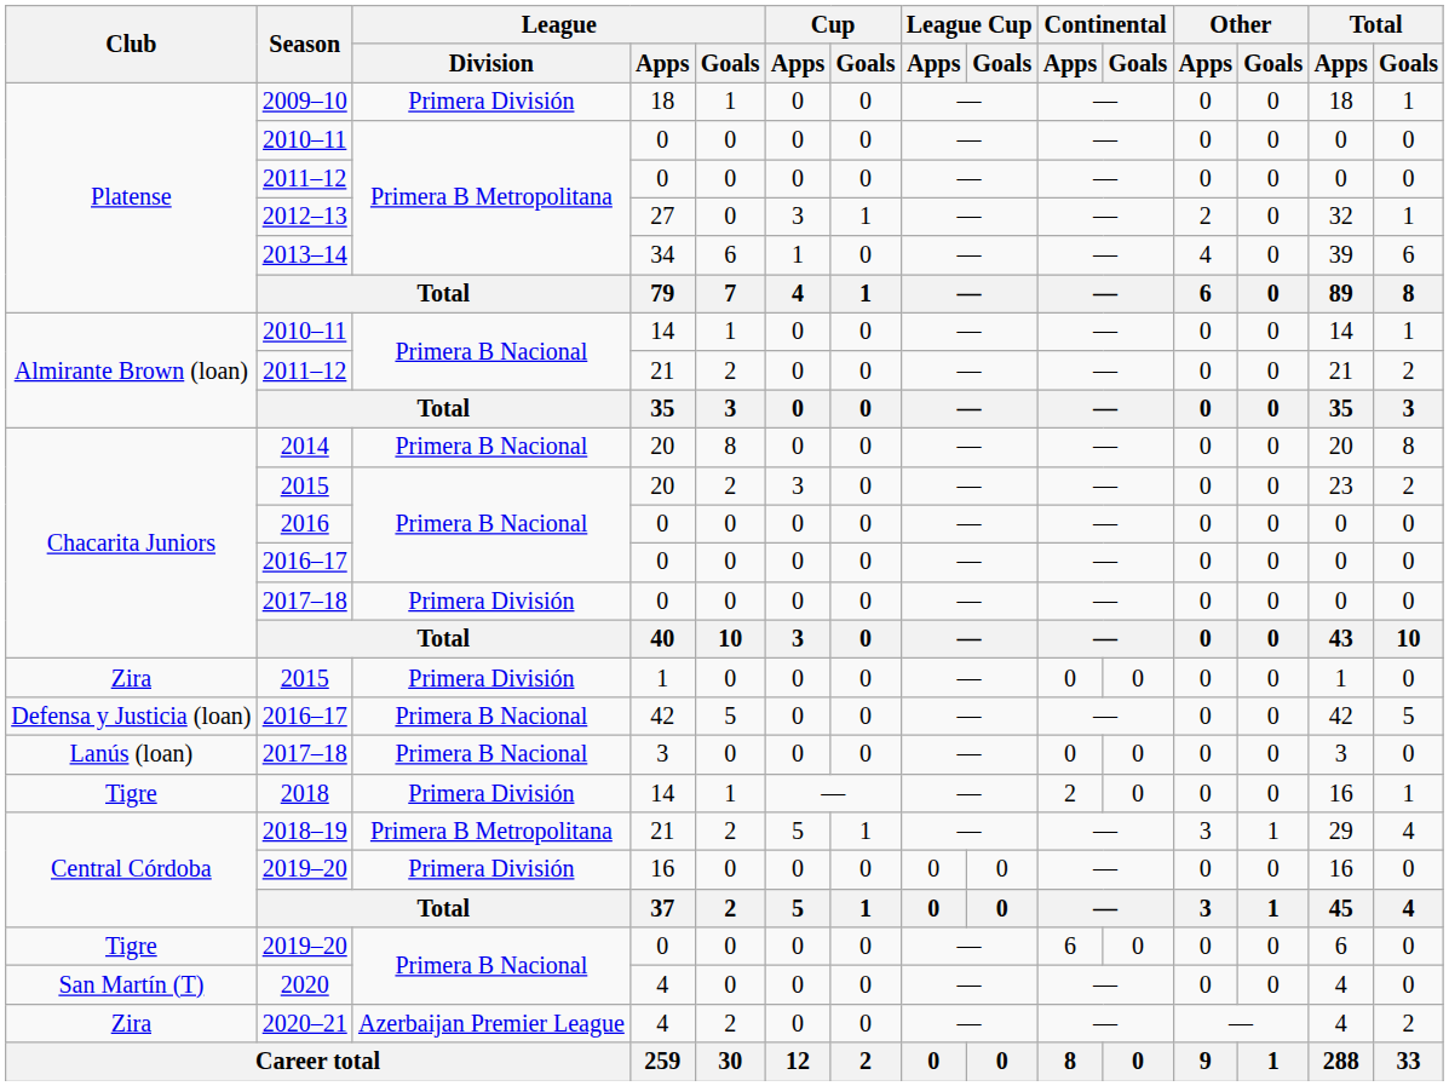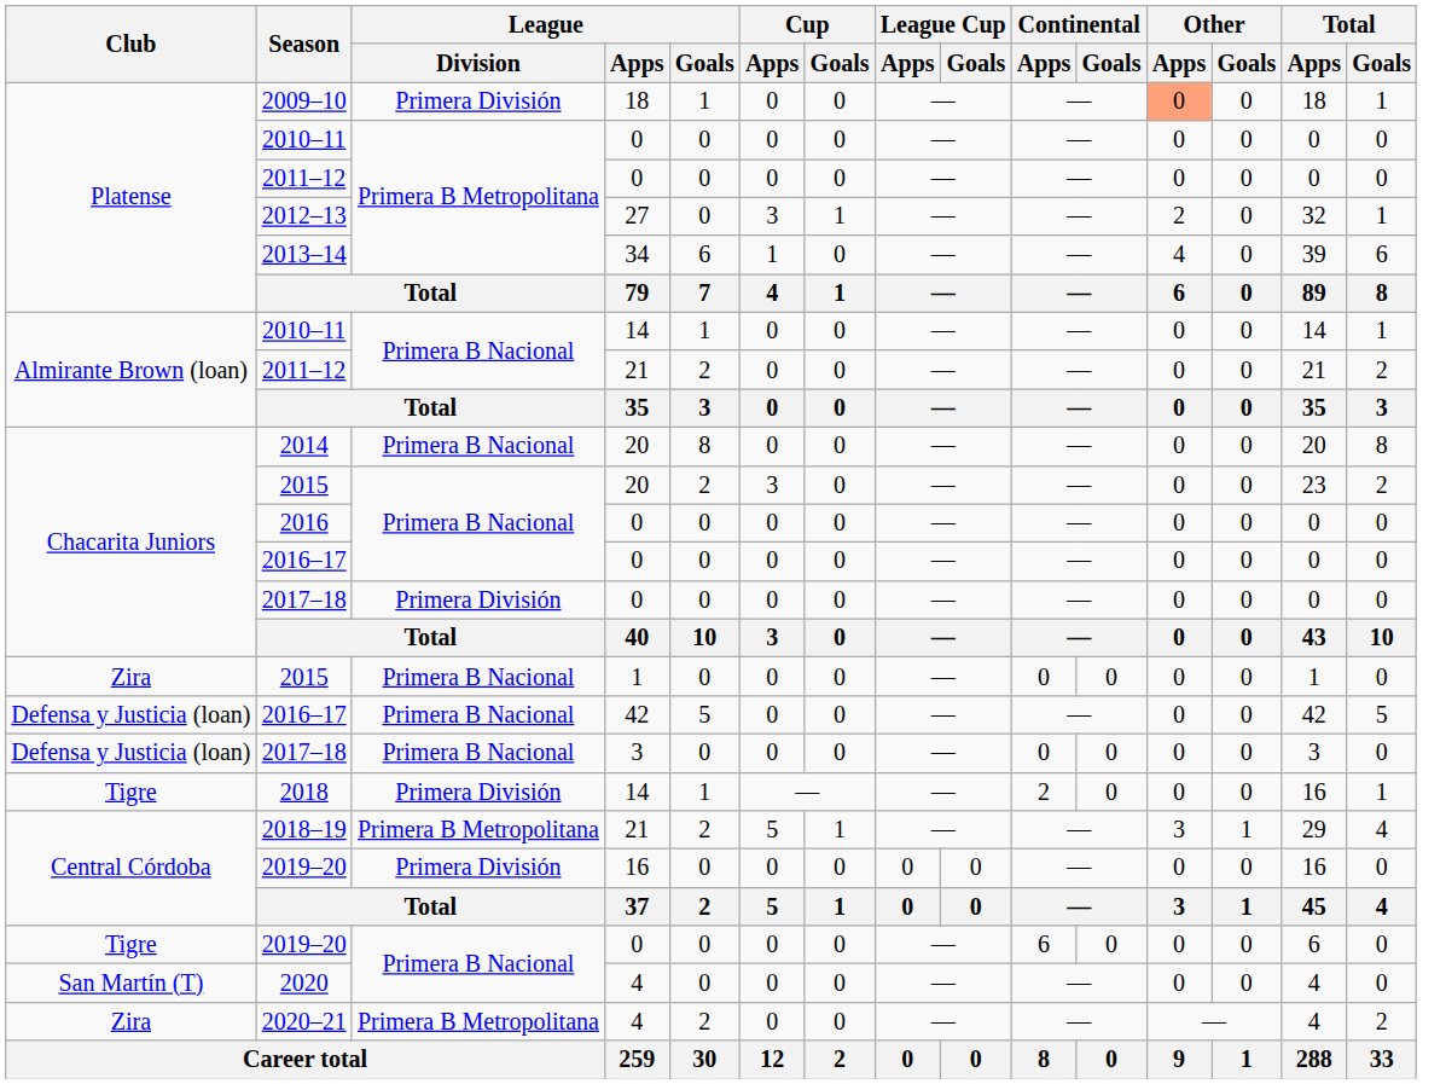 <table class="wikitable" style="text-align:center">
 <tr>
 <th rowspan="2">Club</th>
 <th rowspan="2">Season</th>
 <th colspan="3">League</th>
 <th colspan="2">Cup</th>
 <th colspan="2">League Cup</th>
 <th colspan="2">Continental</th>
 <th colspan="2">Other</th>
 <th colspan="2">Total</th>
 </tr>
 <tr>
 <th>Division</th>
 <th>Apps</th>
 <th>Goals</th>
 <th>Apps</th>
 <th>Goals</th>
 <th>Apps</th>
 <th>Goals</th>
 <th>Apps</th>
 <th>Goals</th>
 <th>Apps</th>
 <th>Goals</th>
 <th>Apps</th>
 <th>Goals</th>
 </tr>
 <tr>
 <td rowspan="6"><a href='#'>Platense</a></td>
 <td><a href='#'>2009–10</a></td>
 <td rowspan="1"><a href='#'>Primera División</a></td>
 <td>18</td>
 <td>1</td>
 <td>0</td>
 <td>0</td>
 <td colspan="2">—</td>
 <td colspan="2">—</td>
-<td>0</td>
+<td style="background: lightsalmon;">0</td>
 <td>0</td>
 <td>18</td>
 <td>1</td>
 </tr>
 <tr>
 <td><a href='#'>2010–11</a></td>
 <td rowspan="4"><a href='#'>Primera B Metropolitana</a></td>
 <td>0</td>
 <td>0</td>
 <td>0</td>
 <td>0</td>
 <td colspan="2">—</td>
 <td colspan="2">—</td>
 <td>0</td>
 <td>0</td>
 <td>0</td>
 <td>0</td>
 </tr>
 <tr>
 <td><a href='#'>2011–12</a></td>
 <td>0</td>
 <td>0</td>
 <td>0</td>
 <td>0</td>
 <td colspan="2">—</td>
 <td colspan="2">—</td>
 <td>0</td>
 <td>0</td>
 <td>0</td>
 <td>0</td>
 </tr>
 <tr>
 <td><a href='#'>2012–13</a></td>
 <td>27</td>
 <td>0</td>
 <td>3</td>
 <td>1</td>
 <td colspan="2">—</td>
 <td colspan="2">—</td>
 <td>2</td>
 <td>0</td>
 <td>32</td>
 <td>1</td>
 </tr>
 <tr>
 <td><a href='#'>2013–14</a></td>
 <td>34</td>
 <td>6</td>
 <td>1</td>
 <td>0</td>
 <td colspan="2">—</td>
 <td colspan="2">—</td>
 <td>4</td>
 <td>0</td>
 <td>39</td>
 <td>6</td>
 </tr>
 <tr>
 <th colspan="2">Total</th>
 <th>79</th>
 <th>7</th>
 <th>4</th>
 <th>1</th>
 <th colspan="2">—</th>
 <th colspan="2">—</th>
 <th>6</th>
 <th>0</th>
 <th>89</th>
 <th>8</th>
 </tr>
 <tr>
 <td rowspan="3"><a href='#'>Almirante Brown</a> (loan)</td>
 <td><a href='#'>2010–11</a></td>
 <td rowspan="2"><a href='#'>Primera B Nacional</a></td>
 <td>14</td>
 <td>1</td>
 <td>0</td>
 <td>0</td>
 <td colspan="2">—</td>
 <td colspan="2">—</td>
 <td>0</td>
 <td>0</td>
 <td>14</td>
 <td>1</td>
 </tr>
 <tr>
 <td><a href='#'>2011–12</a></td>
 <td>21</td>
 <td>2</td>
 <td>0</td>
 <td>0</td>
 <td colspan="2">—</td>
 <td colspan="2">—</td>
 <td>0</td>
 <td>0</td>
 <td>21</td>
 <td>2</td>
 </tr>
 <tr>
 <th colspan="2">Total</th>
 <th>35</th>
 <th>3</th>
 <th>0</th>
 <th>0</th>
 <th colspan="2">—</th>
 <th colspan="2">—</th>
 <th>0</th>
 <th>0</th>
 <th>35</th>
 <th>3</th>
 </tr>
 <tr>
 <td rowspan="6"><a href='#'>Chacarita Juniors</a></td>
 <td><a href='#'>2014</a></td>
 <td rowspan="1"><a href='#'>Primera B Nacional</a></td>
 <td>20</td>
 <td>8</td>
 <td>0</td>
 <td>0</td>
 <td colspan="2">—</td>
 <td colspan="2">—</td>
 <td>0</td>
 <td>0</td>
 <td>20</td>
 <td>8</td>
 </tr>
 <tr>
 <td><a href='#'>2015</a></td>
 <td rowspan="3"><a href='#'>Primera B Nacional</a></td>
 <td>20</td>
 <td>2</td>
 <td>3</td>
 <td>0</td>
 <td colspan="2">—</td>
 <td colspan="2">—</td>
 <td>0</td>
 <td>0</td>
 <td>23</td>
 <td>2</td>
 </tr>
 <tr>
 <td><a href='#'>2016</a></td>
 <td>0</td>
 <td>0</td>
 <td>0</td>
 <td>0</td>
 <td colspan="2">—</td>
 <td colspan="2">—</td>
 <td>0</td>
 <td>0</td>
 <td>0</td>
 <td>0</td>
 </tr>
 <tr>
 <td><a href='#'>2016–17</a></td>
 <td>0</td>
 <td>0</td>
 <td>0</td>
 <td>0</td>
 <td colspan="2">—</td>
 <td colspan="2">—</td>
 <td>0</td>
 <td>0</td>
 <td>0</td>
 <td>0</td>
 </tr>
 <tr>
 <td><a href='#'>2017–18</a></td>
 <td rowspan="1"><a href='#'>Primera División</a></td>
 <td>0</td>
 <td>0</td>
 <td>0</td>
 <td>0</td>
 <td colspan="2">—</td>
 <td colspan="2">—</td>
 <td>0</td>
 <td>0</td>
 <td>0</td>
 <td>0</td>
 </tr>
 <tr>
 <th colspan="2">Total</th>
 <th>40</th>
 <th>10</th>
 <th>3</th>
 <th>0</th>
 <th colspan="2">—</th>
 <th colspan="2">—</th>
 <th>0</th>
 <th>0</th>
 <th>43</th>
 <th>10</th>
 </tr>
 <tr>
 <td rowspan="1"><a href='#'>Zira</a></td>
 <td><a href='#'>2015</a></td>
-<td rowspan="1"><a href='#'>Primera División</a></td>
+<td rowspan="1"><a href='#'>Primera B Nacional</a></td>
 <td>1</td>
 <td>0</td>
 <td>0</td>
 <td>0</td>
 <td colspan="2">—</td>
 <td>0</td>
 <td>0</td>
 <td>0</td>
 <td>0</td>
 <td>1</td>
 <td>0</td>
 </tr>
 <tr>
 <td rowspan="1"><a href='#'>Defensa y Justicia</a> (loan)</td>
 <td><a href='#'>2016–17</a></td>
 <td rowspan="1"><a href='#'>Primera B Nacional</a></td>
 <td>42</td>
 <td>5</td>
 <td>0</td>
 <td>0</td>
 <td colspan="2">—</td>
 <td colspan="2">—</td>
 <td>0</td>
 <td>0</td>
 <td>42</td>
 <td>5</td>
 </tr>
 <tr>
-<td rowspan="1"><a href='#'>Lanús</a> (loan)</td>
+<td rowspan="1"><a href='#'>Defensa y Justicia</a> (loan)</td>
 <td><a href='#'>2017–18</a></td>
 <td rowspan="1"><a href='#'>Primera B Nacional</a></td>
 <td>3</td>
 <td>0</td>
 <td>0</td>
 <td>0</td>
 <td colspan="2">—</td>
 <td>0</td>
 <td>0</td>
 <td>0</td>
 <td>0</td>
 <td>3</td>
 <td>0</td>
 </tr>
 <tr>
 <td rowspan="1"><a href='#'>Tigre</a></td>
 <td><a href='#'>2018</a></td>
 <td rowspan="1"><a href='#'>Primera División</a></td>
 <td>14</td>
 <td>1</td>
 <td colspan="2">—</td>
 <td colspan="2">—</td>
 <td>2</td>
 <td>0</td>
 <td>0</td>
 <td>0</td>
 <td>16</td>
 <td>1</td>
 </tr>
 <tr>
 <td rowspan="3"><a href='#'>Central Córdoba</a></td>
 <td><a href='#'>2018–19</a></td>
 <td rowspan="1"><a href='#'>Primera B Metropolitana</a></td>
 <td>21</td>
 <td>2</td>
 <td>5</td>
 <td>1</td>
 <td colspan="2">—</td>
 <td colspan="2">—</td>
 <td>3</td>
 <td>1</td>
 <td>29</td>
 <td>4</td>
 </tr>
 <tr>
 <td><a href='#'>2019–20</a></td>
 <td rowspan="1"><a href='#'>Primera División</a></td>
 <td>16</td>
 <td>0</td>
 <td>0</td>
 <td>0</td>
 <td>0</td>
 <td>0</td>
 <td colspan="2">—</td>
 <td>0</td>
 <td>0</td>
 <td>16</td>
 <td>0</td>
 </tr>
 <tr>
 <th colspan="2">Total</th>
 <th>37</th>
 <th>2</th>
 <th>5</th>
 <th>1</th>
 <th>0</th>
 <th>0</th>
 <th colspan="2">—</th>
 <th>3</th>
 <th>1</th>
 <th>45</th>
 <th>4</th>
 </tr>
 <tr>
 <td rowspan="1"><a href='#'>Tigre</a></td>
 <td><a href='#'>2019–20</a></td>
 <td rowspan="2"><a href='#'>Primera B Nacional</a></td>
 <td>0</td>
 <td>0</td>
 <td>0</td>
 <td>0</td>
 <td colspan="2">—</td>
 <td>6</td>
 <td>0</td>
 <td>0</td>
 <td>0</td>
 <td>6</td>
 <td>0</td>
 </tr>
 <tr>
 <td rowspan="1"><a href='#'>San Martín (T)</a></td>
 <td><a href='#'>2020</a></td>
 <td>4</td>
 <td>0</td>
 <td>0</td>
 <td>0</td>
 <td colspan="2">—</td>
 <td colspan="2">—</td>
 <td>0</td>
 <td>0</td>
 <td>4</td>
 <td>0</td>
 </tr>
 <tr>
 <td rowspan="1"><a href='#'>Zira</a></td>
 <td><a href='#'>2020–21</a></td>
-<td rowspan="1"><a href='#'>Azerbaijan Premier League</a></td>
+<td rowspan="1"><a href='#'>Primera B Metropolitana</a></td>
 <td>4</td>
 <td>2</td>
 <td>0</td>
 <td>0</td>
 <td colspan="2">—</td>
 <td colspan="2">—</td>
 <td colspan="2">—</td>
 <td>4</td>
 <td>2</td>
 </tr>
 <tr>
 <th colspan="3">Career total</th>
 <th>259</th>
 <th>30</th>
 <th>12</th>
 <th>2</th>
 <th>0</th>
 <th>0</th>
 <th>8</th>
 <th>0</th>
 <th>9</th>
 <th>1</th>
 <th>288</th>
 <th>33</th>
 </tr>
 </table>
